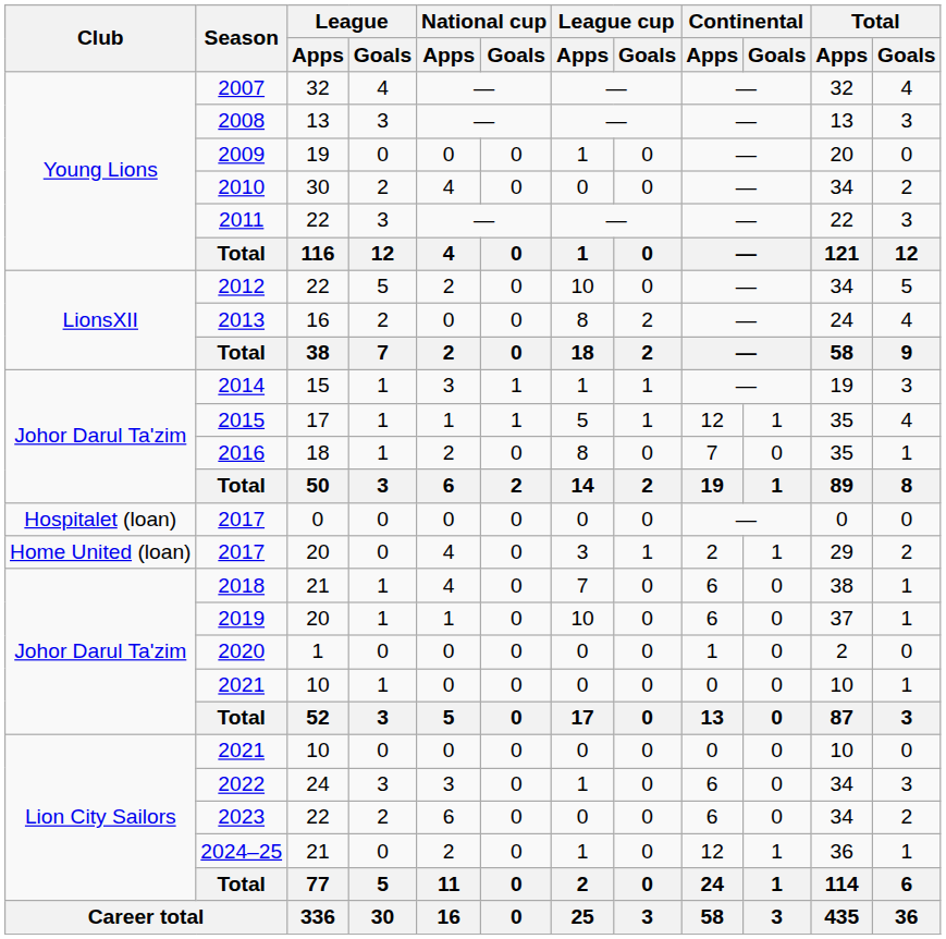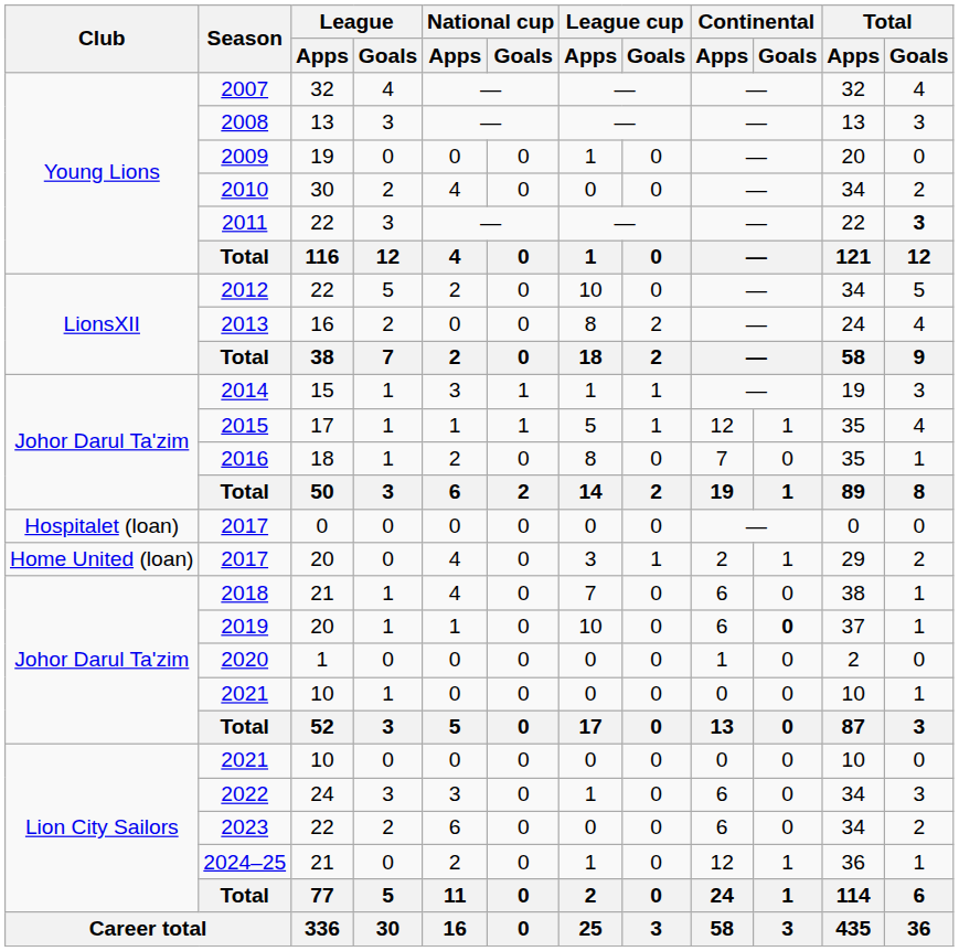 <table class="wikitable" style="text-align:center">
 <tr>
 <th rowspan="2">Club</th>
 <th rowspan="2">Season</th>
 <th colspan="2">League</th>
 <th colspan="2">National cup</th>
 <th colspan="2">League cup</th>
 <th colspan="2">Continental</th>
 <th colspan="2">Total</th>
 </tr>
 <tr>
 <th>Apps</th>
 <th>Goals</th>
 <th>Apps</th>
 <th>Goals</th>
 <th>Apps</th>
 <th>Goals</th>
 <th>Apps</th>
 <th>Goals</th>
 <th>Apps</th>
 <th>Goals</th>
 </tr>
 <tr>
 <td rowspan="6"><a href='#'>Young Lions</a></td>
 <td><a href='#'>2007</a></td>
 <td>32</td>
 <td>4</td>
 <td colspan='2'>—</td>
 <td colspan='2'>—</td>
 <td colspan='2'>—</td>
 <td>32</td>
 <td>4</td>
 </tr>
 <tr>
 <td><a href='#'>2008</a></td>
 <td>13</td>
 <td>3</td>
 <td colspan='2'>—</td>
 <td colspan='2'>—</td>
 <td colspan='2'>—</td>
 <td>13</td>
 <td>3</td>
 </tr>
 <tr>
 <td><a href='#'>2009</a></td>
 <td>19</td>
 <td>0</td>
 <td>0</td>
 <td>0</td>
 <td>1</td>
 <td>0</td>
 <td colspan='2'>—</td>
 <td>20</td>
 <td>0</td>
 </tr>
 <tr>
 <td><a href='#'>2010</a></td>
 <td>30</td>
 <td>2</td>
 <td>4</td>
 <td>0</td>
 <td>0</td>
 <td>0</td>
 <td colspan='2'>—</td>
 <td>34</td>
 <td>2</td>
 </tr>
 <tr>
 <td><a href='#'>2011</a></td>
 <td>22</td>
 <td>3</td>
 <td colspan='2'>—</td>
 <td colspan='2'>—</td>
 <td colspan='2'>—</td>
 <td>22</td>
-<td>3</td>
+<td><strong>3</strong></td>
 </tr>
 <tr>
 <th>Total</th>
 <th>116</th>
 <th>12</th>
 <th>4</th>
 <th>0</th>
 <th>1</th>
 <th>0</th>
 <th colspan='2'>—</th>
 <th>121</th>
 <th>12</th>
 </tr>
 <tr>
 <td rowspan="3"><a href='#'>LionsXII</a></td>
 <td><a href='#'>2012</a></td>
 <td>22</td>
 <td>5</td>
 <td>2</td>
 <td>0</td>
 <td>10</td>
 <td>0</td>
 <td colspan='2'>—</td>
 <td>34</td>
 <td>5</td>
 </tr>
 <tr>
 <td><a href='#'>2013</a></td>
 <td>16</td>
 <td>2</td>
 <td>0</td>
 <td>0</td>
 <td>8</td>
 <td>2</td>
 <td colspan='2'>—</td>
 <td>24</td>
 <td>4</td>
 </tr>
 <tr>
 <th>Total</th>
 <th>38</th>
 <th>7</th>
 <th>2</th>
 <th>0</th>
 <th>18</th>
 <th>2</th>
 <th colspan='2'>—</th>
 <th>58</th>
 <th>9</th>
 </tr>
 <tr>
 <td rowspan="4"><a href='#'>Johor Darul Ta'zim</a></td>
 <td><a href='#'>2014</a></td>
 <td>15</td>
 <td>1</td>
 <td>3</td>
 <td>1</td>
 <td>1</td>
 <td>1</td>
 <td colspan='2'>—</td>
 <td>19</td>
 <td>3</td>
 </tr>
 <tr>
 <td><a href='#'>2015</a></td>
 <td>17</td>
 <td>1</td>
 <td>1</td>
 <td>1</td>
 <td>5</td>
 <td>1</td>
 <td>12</td>
 <td>1</td>
 <td>35</td>
 <td>4</td>
 </tr>
 <tr>
 <td><a href='#'>2016</a></td>
 <td>18</td>
 <td>1</td>
 <td>2</td>
 <td>0</td>
 <td>8</td>
 <td>0</td>
 <td>7</td>
 <td>0</td>
 <td>35</td>
 <td>1</td>
 </tr>
 <tr>
 <th>Total</th>
 <th>50</th>
 <th>3</th>
 <th>6</th>
 <th>2</th>
 <th>14</th>
 <th>2</th>
 <th>19</th>
 <th>1</th>
 <th>89</th>
 <th>8</th>
 </tr>
 <tr>
 <td><a href='#'>Hospitalet</a> (loan)</td>
 <td><a href='#'>2017</a></td>
 <td>0</td>
 <td>0</td>
 <td>0</td>
 <td>0</td>
 <td>0</td>
 <td>0</td>
 <td colspan='2'>—</td>
 <td>0</td>
 <td>0</td>
 </tr>
 <tr>
 <td><a href='#'>Home United</a> (loan)</td>
 <td><a href='#'>2017</a></td>
 <td>20</td>
 <td>0</td>
 <td>4</td>
 <td>0</td>
 <td>3</td>
 <td>1</td>
 <td>2</td>
 <td>1</td>
 <td>29</td>
 <td>2</td>
 </tr>
 <tr>
 <td rowspan="5"><a href='#'>Johor Darul Ta'zim</a></td>
 <td><a href='#'>2018</a></td>
 <td>21</td>
 <td>1</td>
 <td>4</td>
 <td>0</td>
 <td>7</td>
 <td>0</td>
 <td>6</td>
 <td>0</td>
 <td>38</td>
 <td>1</td>
 </tr>
 <tr>
 <td><a href='#'>2019</a></td>
 <td>20</td>
 <td>1</td>
 <td>1</td>
 <td>0</td>
 <td>10</td>
 <td>0</td>
 <td>6</td>
-<td>0</td>
+<td><strong>0</strong></td>
 <td>37</td>
 <td>1</td>
 </tr>
 <tr>
 <td><a href='#'>2020</a></td>
 <td>1</td>
 <td>0</td>
 <td>0</td>
 <td>0</td>
 <td>0</td>
 <td>0</td>
 <td>1</td>
 <td>0</td>
 <td>2</td>
 <td>0</td>
 </tr>
 <tr>
 <td><a href='#'>2021</a></td>
 <td>10</td>
 <td>1</td>
 <td>0</td>
 <td>0</td>
 <td>0</td>
 <td>0</td>
 <td>0</td>
 <td>0</td>
 <td>10</td>
 <td>1</td>
 </tr>
 <tr>
 <th>Total</th>
 <th>52</th>
 <th>3</th>
 <th>5</th>
 <th>0</th>
 <th>17</th>
 <th>0</th>
 <th>13</th>
 <th>0</th>
 <th>87</th>
 <th>3</th>
 </tr>
 <tr>
 <td rowspan="5"><a href='#'>Lion City Sailors</a></td>
 <td><a href='#'>2021</a></td>
 <td>10</td>
 <td>0</td>
 <td>0</td>
 <td>0</td>
 <td>0</td>
 <td>0</td>
 <td>0</td>
 <td>0</td>
 <td>10</td>
 <td>0</td>
 </tr>
 <tr>
 <td><a href='#'>2022</a></td>
 <td>24</td>
 <td>3</td>
 <td>3</td>
 <td>0</td>
 <td>1</td>
 <td>0</td>
 <td>6</td>
 <td>0</td>
 <td>34</td>
 <td>3</td>
 </tr>
 <tr>
 <td><a href='#'>2023</a></td>
 <td>22</td>
 <td>2</td>
 <td>6</td>
 <td>0</td>
 <td>0</td>
 <td>0</td>
 <td>6</td>
 <td>0</td>
 <td>34</td>
 <td>2</td>
 </tr>
 <tr>
 <td><a href='#'>2024–25</a></td>
 <td>21</td>
 <td>0</td>
 <td>2</td>
 <td>0</td>
 <td>1</td>
 <td>0</td>
 <td>12 </td>
 <td>1 </td>
 <td>36</td>
 <td>1</td>
 </tr>
 <tr>
 <th>Total</th>
 <th>77</th>
 <th>5</th>
 <th>11</th>
 <th>0</th>
 <th>2</th>
 <th>0</th>
 <th>24</th>
 <th>1</th>
 <th>114</th>
 <th>6</th>
 </tr>
 <tr>
 <th colspan="2">Career total</th>
 <th>336</th>
 <th>30</th>
 <th>16</th>
 <th>0</th>
 <th>25</th>
 <th>3</th>
 <th>58</th>
 <th>3</th>
 <th>435</th>
 <th>36</th>
 </tr>
 <tr>
 </tr>
 </table>
